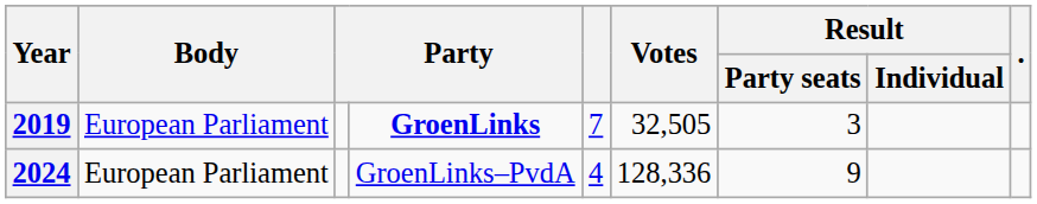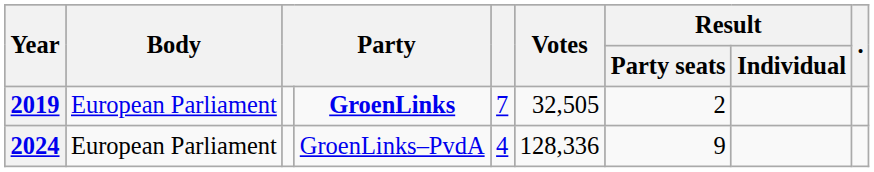 <table class="wikitable plainrowheaders sortable" border=2 cellpadding=4 cellspacing=0 style="border: 1px #aaa solid; font-size: 90%; text-align:center;">
 <tr>
 <th scope="col" rowspan=2>Year</th>
 <th scope="col" rowspan=2>Body</th>
 <th scope="col" colspan=2 rowspan=2>Party</th>
 <th scope="col" rowspan=2></th>
 <th scope="col" rowspan=2>Votes</th>
 <th scope="colgroup" colspan=2>Result</th>
 <th scope="col" rowspan=2>.</th>
 </tr>
 <tr>
 <th scope="col">Party seats</th>
 <th scope="col">Individual</th>
 </tr>
 <tr>
 <th scope="row"><a href='#'>2019</a></th>
 <td><a href='#'>European Parliament</a></td>
 <td style="background-color:"></td>
 <td><strong><a href='#'>GroenLinks</a></strong></td>
 <td style=text-align:right><a href='#'>7</a></td>
 <td style=text-align:right>32,505</td>
-<td style=text-align:right>3</td>
+<td style=text-align:right>2</td>
 <td></td>
 <td></td>
 </tr>
 <tr>
 <th scope="row"><a href='#'>2024</a></th>
 <td>European Parliament</td>
 <td style="background-color:"></td>
 <td><a href='#'>GroenLinks–PvdA</a></td>
 <td style=text-align:right><a href='#'>4</a></td>
 <td style=text-align:right>128,336</td>
 <td style=text-align:right>9</td>
 <td></td>
 <td></td>
 </tr>
 </table>
